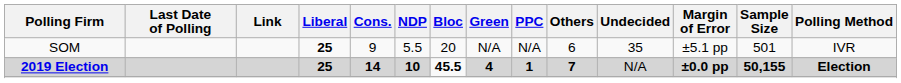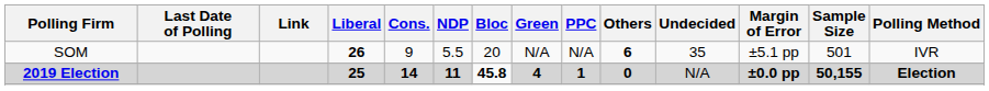 <table class="wikitable sortable" style="text-align:center;font-size:90%;line-height:14px;">
 <tr style="background:#e9e9e9;">
 <th style="width:120px">Polling Firm</th>
 <th style="width:110px">Last Date<br>of Polling</th>
 <th style="width:60px" class="unsortable">Link</th>
 <th style="background-color:"><a href='#'>Liberal</a></th>
 <th style="background-color:"><a href='#'>Cons.</a></th>
 <th style="background-color:"><a href='#'>NDP</a></th>
 <th style="background-color:"><a href='#'>Bloc</a></th>
 <th style="background-color:"><a href='#'>Green</a></th>
 <th style="background-color:"><a href='#'><span>PPC</span></a></th>
 <th style="background-color:">Others</th>
 <th style="background-color:">Undecided</th>
 <th style="width:60px;" class=unsortable>Margin<br>of Error</th>
 <th style="width:50px;" class=unsortable>Sample<br>Size</th>
 <th class=unsortable>Polling Method</th>
 </tr>
 <tr>
 <td>SOM</td>
 <td></td>
 <td></td>
-<td><strong>25</strong></td>
+<td><strong>26</strong></td>
 <td>9</td>
 <td>5.5</td>
 <td>20</td>
 <td>N/A</td>
 <td>N/A</td>
-<td>6</td>
+<td><strong>6</strong></td>
 <td>35</td>
 <td>±5.1 pp</td>
 <td>501</td>
 <td>IVR</td>
 </tr>
 <tr>
 <td style="background:#D5D5D5"><strong><a href='#'>2019 Election</a></strong></td>
 <td style="background:#D5D5D5"><strong></strong></td>
 <td style="background:#D5D5D5"></td>
 <td style="background:#D5D5D5"><strong>25</strong></td>
 <td style="background:#D5D5D5"><strong>14</strong></td>
-<td style="background:#D5D5D5"><strong>10</strong></td>
-<td style="background-color:"><strong>45.5</strong></td>
+<td style="background:#D5D5D5"><strong>11</strong></td>
+<td style="background-color:"><strong>45.8</strong></td>
 <td style="background:#D5D5D5"><strong>4</strong></td>
 <td style="background:#D5D5D5"><strong>1</strong></td>
-<td style="background:#D5D5D5"><strong>7</strong></td>
+<td style="background:#D5D5D5"><strong>0</strong></td>
 <td style="background:#D5D5D5">N/A</td>
 <td style="background:#D5D5D5"><strong>±0.0 pp</strong></td>
 <td style="background:#D5D5D5"><strong>50,155</strong></td>
 <td style="background:#D5D5D5"><strong>Election</strong></td>
 </tr>
 <tr>
 </tr>
 <tr>
 </tr>
 </table>
